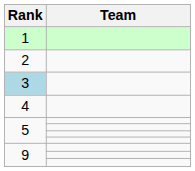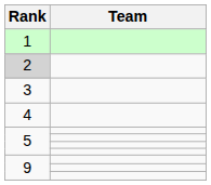 <table class="wikitable" style="text-align: center;">
 <tr>
 <th>Rank</th>
 <th width=155>Team</th>
 </tr>
 <tr bgcolor=#cfc>
 <td>1</td>
 <td align=left></td>
 </tr>
 <tr>
-<td>2</td>
+<td style="background: lightgrey;">2</td>
 <td align=left></td>
 </tr>
 <tr>
-<td style="background: lightblue;">3</td>
+<td>3</td>
 <td align=left></td>
 </tr>
 <tr>
 <td>4</td>
 <td align=left></td>
 </tr>
 <tr>
 <td rowspan="4">5</td>
 <td align=left></td>
 </tr>
 <tr>
 <td align=left></td>
 </tr>
 <tr>
 <td align=left></td>
 </tr>
 <tr>
 <td align=left></td>
 </tr>
 <tr>
 <td rowspan="3">9</td>
 <td align=left></td>
 </tr>
 <tr>
 <td align=left></td>
 </tr>
 <tr>
 <td align=left></td>
 </tr>
 </table>
